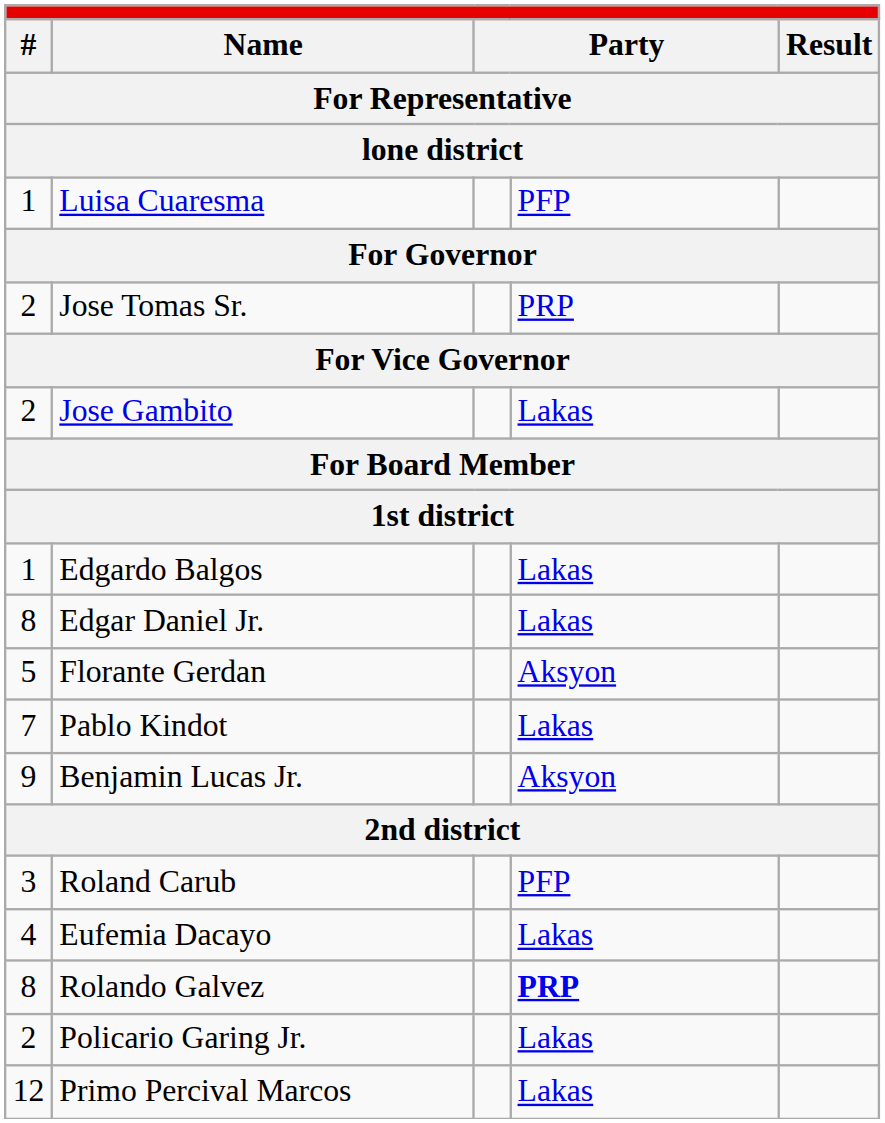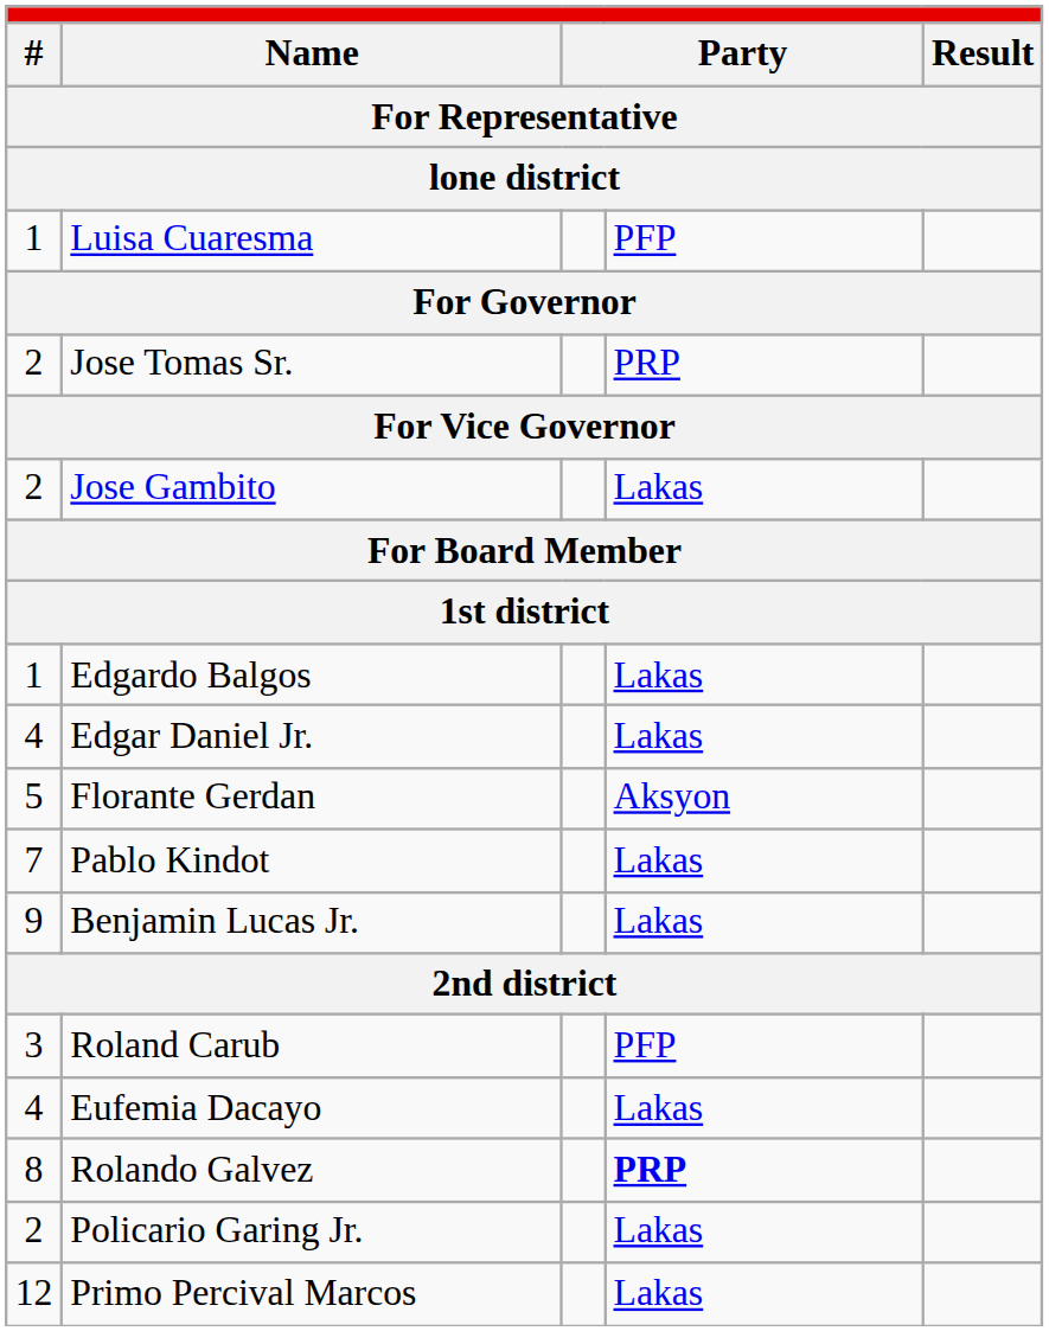 <table class="wikitable" style="font-size:85%">
 <tr>
 <td colspan="5" style="background-color:#E60000;"></td>
 </tr>
 <tr>
 <th style="width:2px;">#</th>
 <th style="width:175px;">Name</th>
 <th colspan="2" width="124px">Party</th>
 <th>Result</th>
 </tr>
 <tr>
 <th colspan="5">For Representative</th>
 </tr>
 <tr>
 <th colspan="5">lone district</th>
 </tr>
 <tr>
 <td style="text-align:center;">1</td>
 <td><a href='#'>Luisa Cuaresma</a></td>
 <td style="background:"></td>
 <td><a href='#'>PFP</a></td>
 <td></td>
 </tr>
 <tr>
 <th colspan="5">For Governor</th>
 </tr>
 <tr>
 <td style="text-align:center;">2</td>
 <td>Jose Tomas Sr.</td>
 <td style="background:"></td>
 <td><a href='#'>PRP</a></td>
 <td></td>
 </tr>
 <tr>
 <th colspan="5">For Vice Governor</th>
 </tr>
 <tr>
 <td style="text-align:center;">2</td>
 <td><a href='#'>Jose Gambito</a></td>
 <td style="background:"></td>
 <td><a href='#'>Lakas</a></td>
 <td></td>
 </tr>
 <tr>
 <th colspan="5">For Board Member</th>
 </tr>
 <tr>
 <th colspan="5">1st district</th>
 </tr>
 <tr>
 <td style="text-align:center;">1</td>
 <td>Edgardo Balgos</td>
 <td style="background:"></td>
 <td><a href='#'>Lakas</a></td>
 <td></td>
 </tr>
 <tr>
-<td style="text-align:center;">8</td>
+<td style="text-align:center;">4</td>
 <td>Edgar Daniel Jr.</td>
 <td style="background:"></td>
 <td><a href='#'>Lakas</a></td>
 <td></td>
 </tr>
 <tr>
 <td style="text-align:center;">5</td>
 <td>Florante Gerdan</td>
 <td style="background:"></td>
 <td><a href='#'>Aksyon</a></td>
 <td></td>
 </tr>
 <tr>
 <td style="text-align:center;">7</td>
 <td>Pablo Kindot</td>
 <td style="background:"></td>
 <td><a href='#'>Lakas</a></td>
 <td></td>
 </tr>
 <tr>
 <td style="text-align:center;">9</td>
 <td>Benjamin Lucas Jr.</td>
 <td style="background:"></td>
-<td><a href='#'>Aksyon</a></td>
+<td><a href='#'>Lakas</a></td>
 <td></td>
 </tr>
 <tr>
 <th colspan="5">2nd district</th>
 </tr>
 <tr>
 <td style="text-align:center;">3</td>
 <td>Roland Carub</td>
 <td style="background:"></td>
 <td><a href='#'>PFP</a></td>
 <td></td>
 </tr>
 <tr>
 <td style="text-align:center;">4</td>
 <td>Eufemia Dacayo</td>
 <td style="background:"></td>
 <td><a href='#'>Lakas</a></td>
 <td></td>
 </tr>
 <tr>
 <td style="text-align:center;">8</td>
 <td>Rolando Galvez</td>
 <td style="background:"></td>
 <td><strong><a href='#'>PRP</a></strong></td>
 <td></td>
 </tr>
 <tr>
 <td style="text-align:center;">2</td>
 <td>Policario Garing Jr.</td>
 <td style="background:"></td>
 <td><a href='#'>Lakas</a></td>
 <td></td>
 </tr>
 <tr>
 <td style="text-align:center;">12</td>
 <td>Primo Percival Marcos</td>
 <td style="background:"></td>
 <td><a href='#'>Lakas</a></td>
 <td></td>
 </tr>
 </table>
